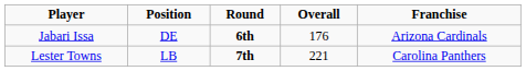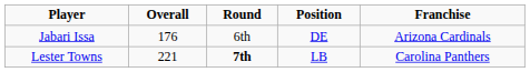 <table class="wikitable" width="50%">
 <tr align="center">
 <td><strong>Player</strong></td>
+<td><strong>Overall</strong></td>
+<td><strong>Round</strong></td>
 <td><strong>Position</strong></td>
-<td><strong>Round</strong></td>
-<td><strong>Overall</strong></td>
 <td><strong>Franchise</strong></td>
 </tr>
 <tr style="text-align:center;" bgcolor="">
 <td><a href='#'>Jabari Issa</a></td>
+<td>176</td>
+<td>6th</td>
 <td><a href='#'>DE</a></td>
-<td><strong>6th</strong></td>
-<td>176</td>
 <td><a href='#'>Arizona Cardinals</a></td>
 </tr>
 <tr style="text-align:center;" bgcolor="">
 <td><a href='#'>Lester Towns</a></td>
+<td>221</td>
+<td><strong>7th</strong></td>
 <td><a href='#'>LB</a></td>
-<td><strong>7th</strong></td>
-<td>221</td>
 <td><a href='#'>Carolina Panthers</a></td>
 </tr>
 </table>
